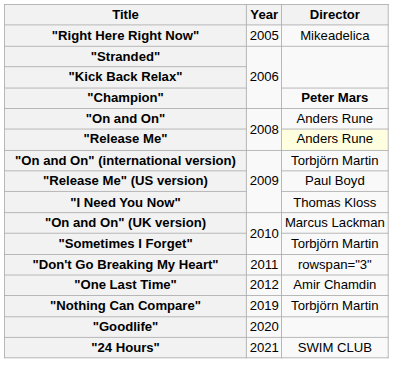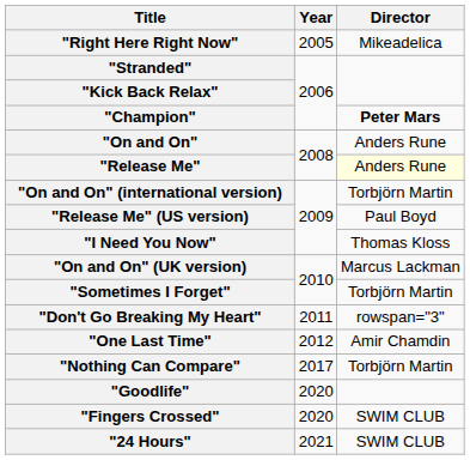 <table class="wikitable plainrowheaders" style="text-align:center;" border="1">
 <tr>
 <th scope="col" style="width:18em;">Title</th>
 <th scope="col">Year</th>
 <th scope="col">Director</th>
 </tr>
 <tr>
 <th scope="row">"Right Here Right Now"</th>
 <td>2005</td>
 <td>Mikeadelica</td>
 </tr>
 <tr>
 <th scope="row">"Stranded"</th>
 <td rowspan="3">2006</td>
 </tr>
 <tr>
 <th scope="row">"Kick Back Relax"</th>
 </tr>
 <tr>
 <th scope="row">"Champion"</th>
 <td><strong>Peter Mars</strong></td>
 </tr>
 <tr>
 <th scope="row">"On and On"</th>
 <td rowspan="2">2008</td>
 <td>Anders Rune</td>
 </tr>
 <tr>
 <th scope="row">"Release Me"</th>
 <td style="background: lightyellow;">Anders Rune</td>
 </tr>
 <tr>
 <th scope="row">"On and On" (international version)</th>
 <td rowspan="3">2009</td>
 <td>Torbjörn Martin</td>
 </tr>
 <tr>
 <th scope="row">"Release Me" (US version)</th>
 <td>Paul Boyd</td>
 </tr>
 <tr>
 <th scope="row">"I Need You Now"</th>
 <td>Thomas Kloss</td>
 </tr>
 <tr>
 <th scope="row">"On and On" (UK version)</th>
 <td rowspan="2">2010</td>
 <td>Marcus Lackman</td>
 </tr>
 <tr>
 <th scope="row">"Sometimes I Forget"</th>
 <td>Torbjörn Martin</td>
 </tr>
 <tr>
 <th scope="row">"Don't Go Breaking My Heart"</th>
 <td>2011</td>
 <td>rowspan="3" </td>
 </tr>
 <tr>
 <th scope="row">"One Last Time"</th>
 <td>2012</td>
 <td>Amir Chamdin</td>
 </tr>
 <tr>
 <th scope="row">"Nothing Can Compare"</th>
-<td>2019</td>
+<td>2017</td>
 <td>Torbjörn Martin</td>
 </tr>
 <tr>
 <th scope="row">"Goodlife"</th>
 <td>2020</td>
 <td></td>
 </tr>
 <tr>
+<th scope="row">"Fingers Crossed"</th>
+<td>2020</td>
+<td>SWIM CLUB</td>
+</tr>
+<tr>
 <th scope="row">"24 Hours"</th>
 <td>2021</td>
 <td>SWIM CLUB</td>
 </tr>
 </table>
